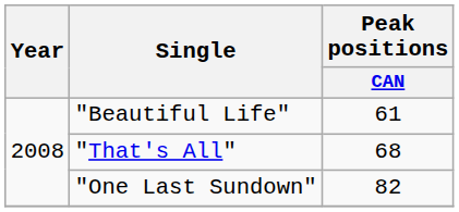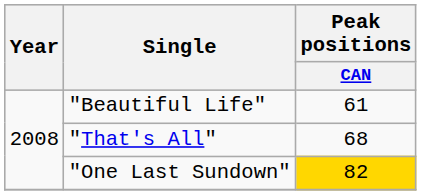 <table class="wikitable" style="text-align:center;">
 <tr>
 <th rowspan="2">Year</th>
 <th rowspan="2">Single</th>
 <th>Peak positions</th>
 </tr>
 <tr style="font-size:smaller;">
 <th width="65"><a href='#'>CAN</a></th>
 </tr>
 <tr>
 <td rowspan="3">2008</td>
 <td align="left">"Beautiful Life"</td>
 <td>61</td>
 </tr>
 <tr>
 <td align="left">"<a href='#'>That's All</a>"</td>
 <td>68</td>
 </tr>
 <tr>
 <td align="left">"One Last Sundown"</td>
-<td>82</td>
+<td style="background: gold;">82</td>
 </tr>
 <tr>
 </tr>
 </table>
